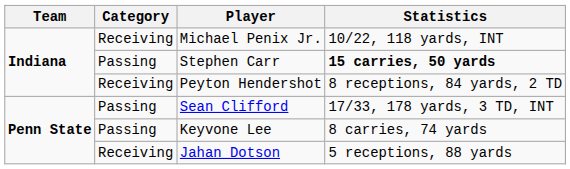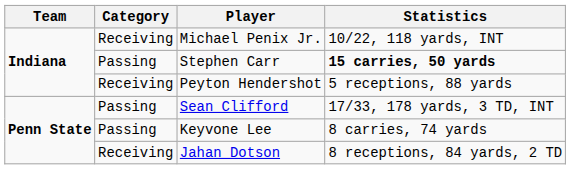 <table class="wikitable" style="float: right;">
 <tr>
 <th>Team</th>
 <th>Category</th>
 <th>Player</th>
 <th>Statistics</th>
 </tr>
 <tr>
 <td rowspan=3><strong>Indiana</strong></td>
 <td>Receiving</td>
 <td>Michael Penix Jr.</td>
 <td>10/22, 118 yards, INT</td>
 </tr>
 <tr>
 <td>Passing</td>
 <td>Stephen Carr</td>
 <td><strong>15 carries, 50 yards</strong></td>
 </tr>
 <tr>
 <td>Receiving</td>
 <td>Peyton Hendershot</td>
-<td>8 receptions, 84 yards, 2 TD</td>
+<td>5 receptions, 88 yards</td>
 </tr>
 <tr>
 <td rowspan=3><strong>Penn State</strong></td>
 <td>Passing</td>
 <td><a href='#'>Sean Clifford</a></td>
 <td>17/33, 178 yards, 3 TD, INT</td>
 </tr>
 <tr>
 <td>Passing</td>
 <td>Keyvone Lee</td>
 <td>8 carries, 74 yards</td>
 </tr>
 <tr>
 <td>Receiving</td>
 <td><a href='#'>Jahan Dotson</a></td>
-<td>5 receptions, 88 yards</td>
+<td>8 receptions, 84 yards, 2 TD</td>
 </tr>
 </table>
